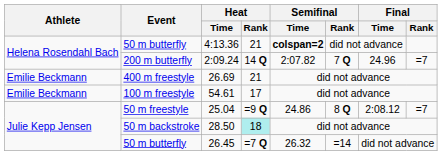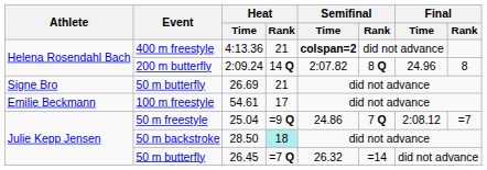 <table class="wikitable" style="text-align:center; font-size:90%">
 <tr>
 <th rowspan="2">Athlete</th>
 <th rowspan="2">Event</th>
 <th colspan="2">Heat</th>
 <th colspan="2">Semifinal</th>
 <th colspan="2">Final</th>
 </tr>
 <tr style="font-size:95%">
 <th>Time</th>
 <th>Rank</th>
 <th>Time</th>
 <th>Rank</th>
 <th>Time</th>
 <th>Rank</th>
 </tr>
 <tr>
 <td align=left rowspan=2><a href='#'>Helena Rosendahl Bach</a></td>
-<td align=left><a href='#'>50 m butterfly</a></td>
+<td align=left><a href='#'>400 m freestyle</a></td>
 <td>4:13.36</td>
 <td>21</td>
 <td><strong>colspan=2 </strong></td>
 <td colspan=2>did not advance</td>
 </tr>
 <tr>
 <td align=left><a href='#'>200 m butterfly</a></td>
 <td>2:09.24</td>
 <td>14 <strong>Q</strong></td>
 <td>2:07.82</td>
-<td>7 <strong>Q</strong></td>
+<td>8 <strong>Q</strong></td>
 <td>24.96</td>
-<td>=7</td>
+<td>8</td>
 </tr>
 <tr>
-<td align=left><a href='#'>Emilie Beckmann</a></td>
-<td align=left><a href='#'>400 m freestyle</a></td>
+<td align=left><a href='#'>Signe Bro</a></td>
+<td align=left><a href='#'>50 m butterfly</a></td>
 <td>26.69</td>
 <td>21</td>
 <td colspan=4>did not advance</td>
 </tr>
 <tr>
 <td align=left><a href='#'>Emilie Beckmann</a></td>
 <td align=left><a href='#'>100 m freestyle</a></td>
 <td>54.61</td>
 <td>17</td>
 <td colspan=4>did not advance</td>
 </tr>
 <tr>
 <td rowspan=3 align=left><a href='#'>Julie Kepp Jensen</a></td>
 <td align=left><a href='#'>50 m freestyle</a></td>
 <td>25.04</td>
 <td>=9 <strong>Q</strong></td>
 <td>24.86</td>
-<td>8 <strong>Q</strong></td>
+<td>7 <strong>Q</strong></td>
 <td>2:08.12</td>
 <td>=7</td>
 </tr>
 <tr>
 <td align=left><a href='#'>50 m backstroke</a></td>
 <td>28.50</td>
 <td style="background: paleturquoise;">18</td>
 <td colspan=4>did not advance</td>
 </tr>
 <tr>
 <td align=left><a href='#'>50 m butterfly</a></td>
 <td>26.45</td>
 <td>=7 <strong>Q</strong></td>
 <td>26.32</td>
 <td>=14</td>
 <td colspan=2>did not advance</td>
 </tr>
 </table>
